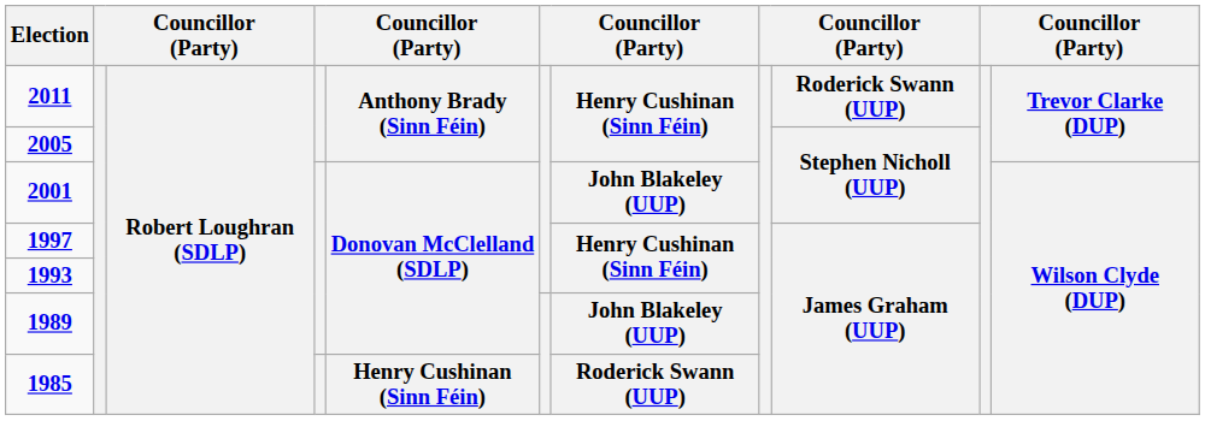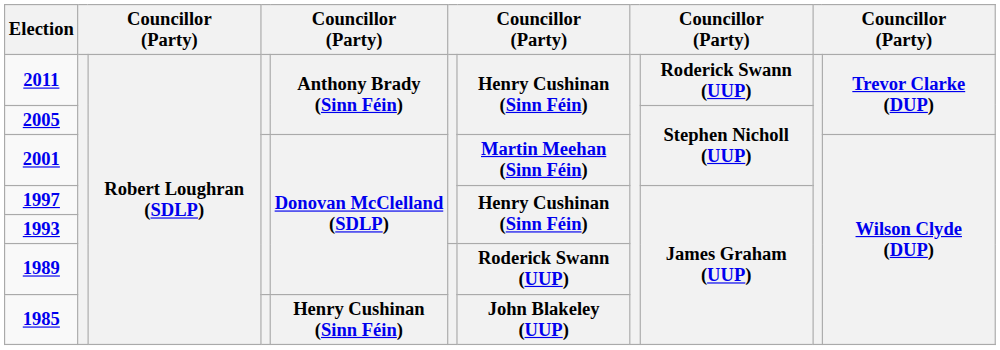 <table class="wikitable" style="text-align:center">
 <tr>
 <th scope="col" width="50">Election</th>
 <th scope="col" width="150" colspan = "2">Councillor<br> (Party)</th>
 <th scope="col" width="150" colspan = "2">Councillor<br> (Party)</th>
 <th scope="col" width="150" colspan = "2">Councillor<br> (Party)</th>
 <th scope="col" width="150" colspan = "2">Councillor<br> (Party)</th>
 <th scope="col" width="150" colspan = "2">Councillor<br> (Party)</th>
 </tr>
 <tr>
 <td><strong><a href='#'>2011</a></strong></td>
 <th rowspan="7" width="1" style="background-color: "></th>
 <th rowspan = "7">Robert Loughran <br> (<a href='#'>SDLP</a>)</th>
 <th rowspan="2" width="1" style="background-color: "></th>
 <th rowspan = "2">Anthony Brady <br> (<a href='#'>Sinn Féin</a>)</th>
 <th rowspan="5" width="1" style="background-color: "></th>
 <th rowspan = "2">Henry Cushinan <br> (<a href='#'>Sinn Féin</a>)</th>
 <th rowspan="7" width="1" style="background-color: "></th>
 <th rowspan = "1">Roderick Swann <br> (<a href='#'>UUP</a>)</th>
 <th rowspan="7" width="1" style="background-color: "></th>
 <th rowspan = "2"><a href='#'>Trevor Clarke</a> <br> (<a href='#'>DUP</a>)</th>
 </tr>
 <tr>
 <td><strong><a href='#'>2005</a></strong></td>
 <th rowspan = "2">Stephen Nicholl <br> (<a href='#'>UUP</a>)</th>
 </tr>
 <tr>
 <td><strong><a href='#'>2001</a></strong></td>
 <th rowspan="4" width="1" style="background-color: "></th>
 <th rowspan = "4"><a href='#'>Donovan McClelland</a> <br> (<a href='#'>SDLP</a>)</th>
-<th rowspan = "1">John Blakeley <br> (<a href='#'>UUP</a>)</th>
+<th rowspan = "1"><a href='#'>Martin Meehan</a> <br> (<a href='#'>Sinn Féin</a>)</th>
 <th rowspan = "5"><a href='#'>Wilson Clyde</a> <br> (<a href='#'>DUP</a>)</th>
 </tr>
 <tr>
 <td><strong><a href='#'>1997</a></strong></td>
 <th rowspan = "2">Henry Cushinan <br> (<a href='#'>Sinn Féin</a>)</th>
 <th rowspan = "4">James Graham <br> (<a href='#'>UUP</a>)</th>
 </tr>
 <tr>
 <td><strong><a href='#'>1993</a></strong></td>
 </tr>
 <tr>
 <td><strong><a href='#'>1989</a></strong></td>
 <th rowspan="2" width="1" style="background-color: "></th>
-<th rowspan = "1">John Blakeley <br> (<a href='#'>UUP</a>)</th>
+<th rowspan = "1">Roderick Swann <br> (<a href='#'>UUP</a>)</th>
 </tr>
 <tr>
 <td><strong><a href='#'>1985</a></strong></td>
 <th rowspan="1" width="1" style="background-color: "></th>
 <th rowspan = "1">Henry Cushinan <br> (<a href='#'>Sinn Féin</a>)</th>
-<th rowspan = "1">Roderick Swann <br> (<a href='#'>UUP</a>)</th>
+<th rowspan = "1">John Blakeley <br> (<a href='#'>UUP</a>)</th>
 </tr>
 </table>
